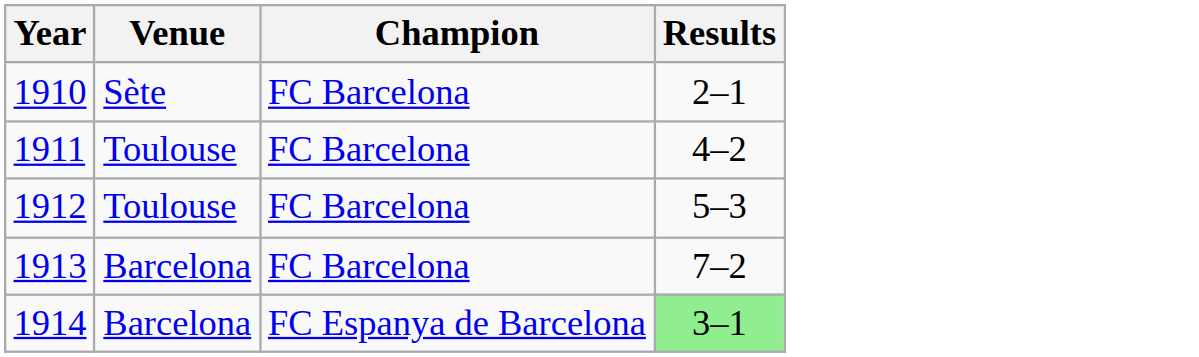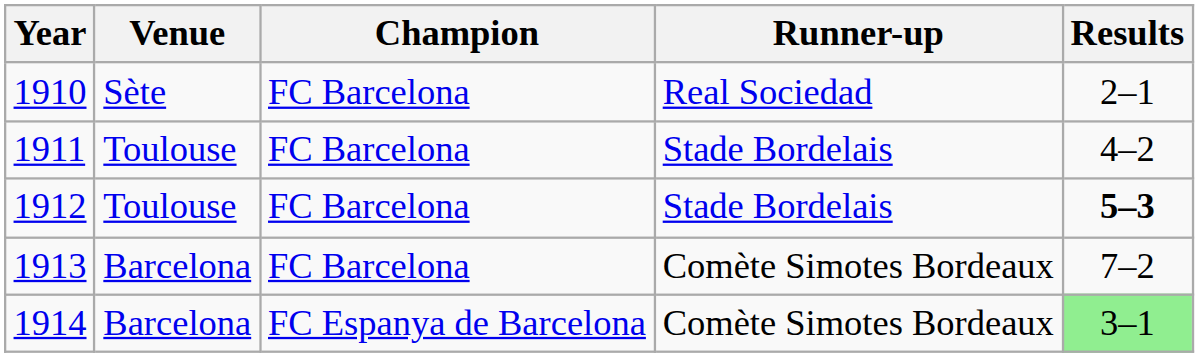 <table class="wikitable" style="text-align: center">
 <tr>
 <th style="background: #">Year</th>
 <th style="background: #">Venue</th>
 <th style="background: #">Champion</th>
+<th style="background: #">Runner-up</th>
 <th style="background: #">Results</th>
 </tr>
 <tr Align = "left" =>
 <td><a href='#'>1910</a></td>
 <td><a href='#'>Sète</a></td>
 <td><a href='#'>FC Barcelona</a></td>
+<td><a href='#'>Real Sociedad</a></td>
 <td align = "center">2–1</td>
 </tr>
 <tr Align = "left" =>
 <td><a href='#'>1911</a></td>
 <td><a href='#'>Toulouse</a></td>
 <td><a href='#'>FC Barcelona</a></td>
+<td><a href='#'>Stade Bordelais</a></td>
 <td align = "center">4–2</td>
 </tr>
 <tr Align = "left" =>
 <td><a href='#'>1912</a></td>
 <td><a href='#'>Toulouse</a></td>
 <td><a href='#'>FC Barcelona</a></td>
-<td align = "center">5–3</td>
+<td><a href='#'>Stade Bordelais</a></td>
+<td align = "center"><strong>5–3</strong></td>
 </tr>
 <tr Align = "left" =>
 <td><a href='#'>1913</a></td>
 <td><a href='#'>Barcelona</a></td>
 <td><a href='#'>FC Barcelona</a></td>
+<td>Comète Simotes Bordeaux</td>
 <td align = "center">7–2</td>
 </tr>
 <tr Align = "left" =>
 <td><a href='#'>1914</a></td>
 <td><a href='#'>Barcelona</a></td>
 <td><a href='#'>FC Espanya de Barcelona</a></td>
+<td>Comète Simotes Bordeaux</td>
 <td align = "center" style="background: lightgreen;">3–1</td>
 </tr>
 </table>
